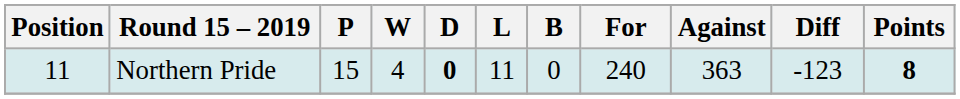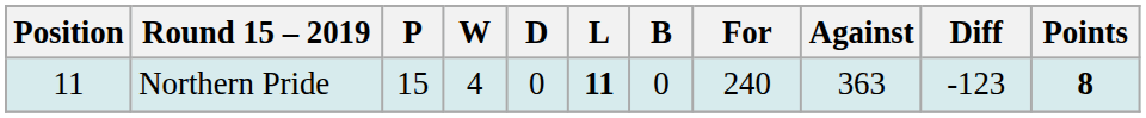 <table class="wikitable" style="text-align:center; font-size:85%;">
 <tr style="background: #d7ebed;">
 <th width="40" abbr="Position">Position</th>
 <th width="100">Round 15 – 2019</th>
 <th width="20" abbr="Played">P</th>
 <th width="20" abbr="Won">W</th>
 <th width="20" abbr="Drawn">D</th>
 <th width="20" abbr="Lost">L</th>
 <th width="20" abbr="Bye">B</th>
 <th width="40" abbr="Points for">For</th>
 <th width="40" abbr="Points against">Against</th>
 <th width="40" abbr="Points difference">Diff</th>
 <th width="40" abbr="Points">Points</th>
 </tr>
 <tr style="background: #d7ebed;">
 <td>11</td>
 <td style="text-align:left;"> Northern Pride</td>
 <td>15</td>
 <td>4</td>
-<td><strong>0</strong></td>
-<td>11</td>
+<td>0</td>
+<td><strong>11</strong></td>
 <td>0</td>
 <td>240</td>
 <td>363</td>
 <td>-123</td>
 <td><strong>8</strong></td>
 </tr>
 <tr>
 </tr>
 </table>
